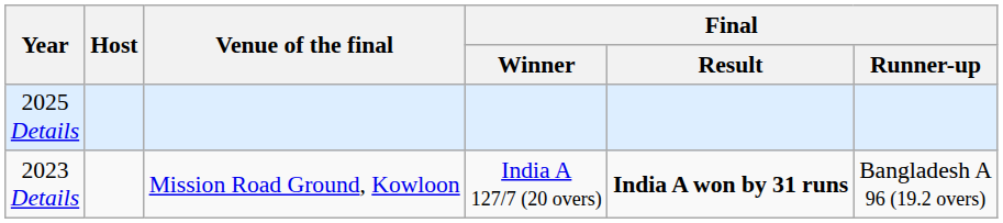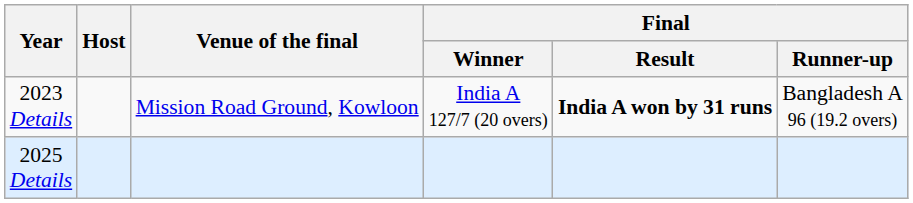 <table class="wikitable" style="font-size:90%; text-align: center;">
 <tr>
 <th rowspan=2>Year</th>
 <th rowspan=2>Host</th>
 <th rowspan=2>Venue of the final</th>
 <th colspan=3>Final</th>
 </tr>
 <tr>
 <th>Winner</th>
 <th>Result</th>
 <th>Runner-up</th>
 </tr>
+<tr>
+<td>2023<br><em><a href='#'>Details</a></em></td>
+<td></td>
+<td><a href='#'>Mission Road Ground</a>, <a href='#'>Kowloon</a></td>
+<td> <a href='#'>India A</a><br><small>127/7 (20 overs)</small></td>
+<td><strong>India A won by 31 runs</strong><br><small></small></td>
+<td> Bangladesh A<br><small>96 (19.2 overs)</small></td>
+</tr>
 <tr style="background:#ddeeff">
 <td>2025<br><em><a href='#'>Details</a></em></td>
 <td style="text-align:left;"></td>
 <td></td>
 <td></td>
 <td></td>
 <td></td>
 </tr>
-<tr>
-<td>2023<br><em><a href='#'>Details</a></em></td>
-<td></td>
-<td><a href='#'>Mission Road Ground</a>, <a href='#'>Kowloon</a></td>
-<td> <a href='#'>India A</a><br><small>127/7 (20 overs)</small></td>
-<td><strong>India A won by 31 runs</strong><br><small></small></td>
-<td> Bangladesh A<br><small>96 (19.2 overs)</small></td>
-</tr>
 </table>
